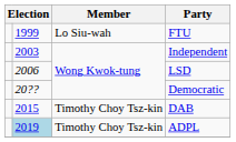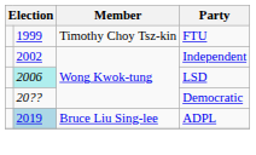 <table class="wikitable">
 <tr>
 <th colspan="2">Election</th>
 <th>Member</th>
 <th>Party</th>
 </tr>
 <tr>
 <td style="background-color:"></td>
 <td><a href='#'>1999</a></td>
-<td>Lo Siu-wah</td>
+<td>Timothy Choy Tsz-kin</td>
 <td><a href='#'>FTU</a></td>
 </tr>
 <tr>
 <td style="background-color:"></td>
-<td><a href='#'>2003</a></td>
+<td><a href='#'>2002</a></td>
 <td rowspan=3><a href='#'>Wong Kwok-tung</a></td>
 <td><a href='#'>Independent</a></td>
 </tr>
 <tr>
 <td style="background-color:"></td>
-<td><em>2006</em></td>
+<td style="background: paleturquoise;"><em>2006</em></td>
 <td><a href='#'>LSD</a></td>
 </tr>
 <tr>
 <td style="background-color:"></td>
 <td><em>20??</em></td>
 <td><a href='#'>Democratic</a></td>
 </tr>
 <tr>
 <td style="background-color:"></td>
-<td><a href='#'>2015</a></td>
-<td>Timothy Choy Tsz-kin</td>
-<td><a href='#'>DAB</a></td>
-</tr>
-<tr>
-<td style="background-color:"></td>
 <td style="background: lightblue;"><a href='#'>2019</a></td>
-<td>Timothy Choy Tsz-kin</td>
+<td><a href='#'>Bruce Liu Sing-lee</a></td>
 <td><a href='#'>ADPL</a></td>
 </tr>
 <tr>
 </tr>
 </table>
